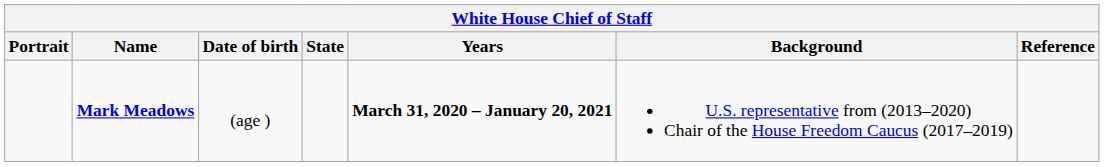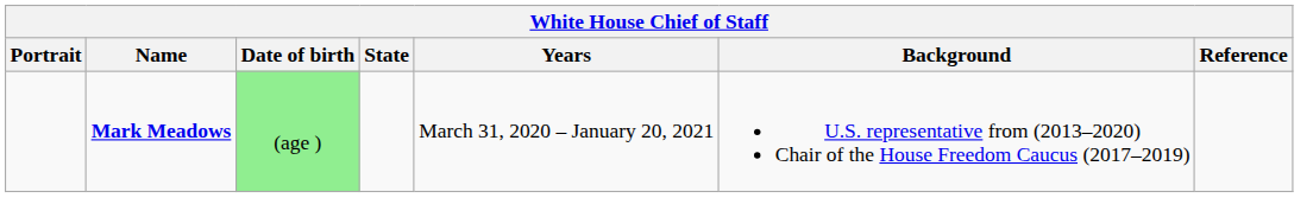 <table class="wikitable collapsible" style="text-align:center;">
 <tr>
 <th colspan="8"><a href='#'>White House Chief of Staff</a></th>
 </tr>
 <tr>
 <th>Portrait</th>
 <th>Name</th>
 <th>Date of birth</th>
 <th>State</th>
 <th>Years</th>
 <th>Background</th>
 <th>Reference</th>
 </tr>
 <tr>
 <td></td>
 <td><strong><a href='#'>Mark Meadows</a></strong></td>
-<td><br>(age )</td>
+<td style="background: lightgreen;"><br>(age )</td>
 <td></td>
-<td nowrap=""><strong>March 31, 2020 – January 20, 2021</strong></td>
+<td nowrap="">March 31, 2020 – January 20, 2021</td>
 <td><br><ul><li><a href='#'>U.S. representative</a> from  (2013–2020)</li><li>Chair of the <a href='#'>House Freedom Caucus</a> (2017–2019)</li></ul></td>
 <td></td>
 </tr>
 </table>
